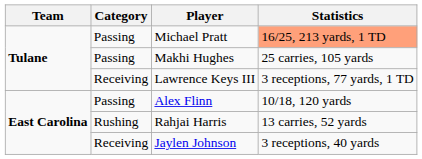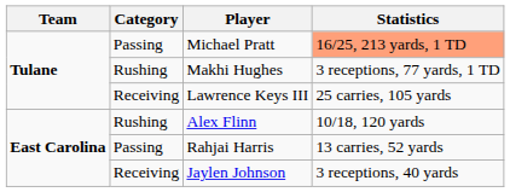 <table class="wikitable" style="float: right;">
 <tr>
 <th>Team</th>
 <th>Category</th>
 <th>Player</th>
 <th>Statistics</th>
 </tr>
 <tr>
 <td rowspan=3><strong>Tulane</strong></td>
 <td>Passing</td>
 <td>Michael Pratt</td>
 <td style="background: lightsalmon;">16/25, 213 yards, 1 TD</td>
 </tr>
 <tr>
-<td>Passing</td>
+<td>Rushing</td>
 <td>Makhi Hughes</td>
-<td>25 carries, 105 yards</td>
+<td>3 receptions, 77 yards, 1 TD</td>
 </tr>
 <tr>
 <td>Receiving</td>
 <td>Lawrence Keys III</td>
-<td>3 receptions, 77 yards, 1 TD</td>
+<td>25 carries, 105 yards</td>
 </tr>
 <tr>
 <td rowspan=3><strong>East Carolina</strong></td>
-<td>Passing</td>
+<td>Rushing</td>
 <td><a href='#'>Alex Flinn</a></td>
 <td>10/18, 120 yards</td>
 </tr>
 <tr>
-<td>Rushing</td>
+<td>Passing</td>
 <td>Rahjai Harris</td>
 <td>13 carries, 52 yards</td>
 </tr>
 <tr>
 <td>Receiving</td>
 <td><a href='#'>Jaylen Johnson</a></td>
 <td>3 receptions, 40 yards</td>
 </tr>
 </table>
